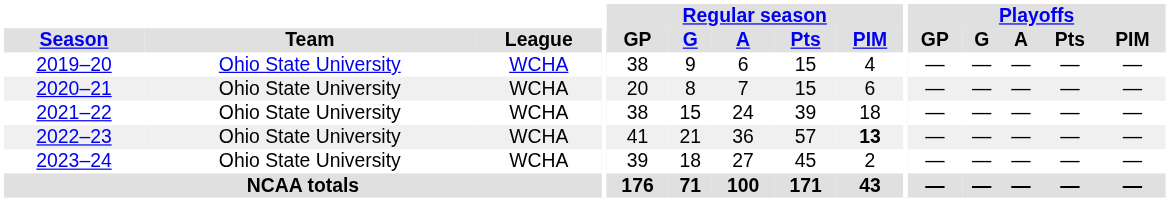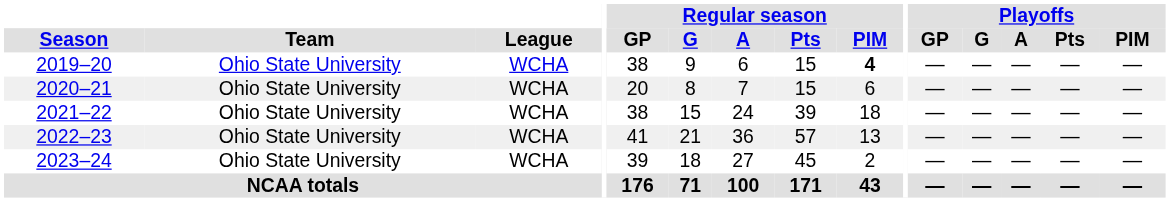 <table border="0" cellpadding="1" cellspacing="0" style="text-align:center; width:60em">
 <tr bgcolor="#e0e0e0">
 <th colspan="3" bgcolor="#ffffff"></th>
 <th rowspan="97" bgcolor="#ffffff"></th>
 <th colspan="5"><a href='#'>Regular season</a></th>
 <th rowspan="97" bgcolor="#ffffff"></th>
 <th colspan="5"><a href='#'>Playoffs</a></th>
 </tr>
 <tr bgcolor="#e0e0e0">
 <th><a href='#'>Season</a></th>
 <th>Team</th>
 <th>League</th>
 <th>GP</th>
 <th><a href='#'>G</a></th>
 <th><a href='#'>A</a></th>
 <th><a href='#'>Pts</a></th>
 <th><a href='#'>PIM</a></th>
 <th>GP</th>
 <th>G</th>
 <th>A</th>
 <th>Pts</th>
 <th>PIM</th>
 </tr>
 <tr>
 <td><a href='#'>2019–20</a></td>
 <td><a href='#'>Ohio State University</a></td>
 <td><a href='#'>WCHA</a></td>
 <td>38</td>
 <td>9</td>
 <td>6</td>
 <td>15</td>
-<td>4</td>
+<td><strong>4</strong></td>
 <td>—</td>
 <td>—</td>
 <td>—</td>
 <td>—</td>
 <td>—</td>
 </tr>
 <tr bgcolor="#f0f0f0">
 <td><a href='#'>2020–21</a></td>
 <td>Ohio State University</td>
 <td>WCHA</td>
 <td>20</td>
 <td>8</td>
 <td>7</td>
 <td>15</td>
 <td>6</td>
 <td>—</td>
 <td>—</td>
 <td>—</td>
 <td>—</td>
 <td>—</td>
 </tr>
 <tr>
 <td><a href='#'>2021–22</a></td>
 <td>Ohio State University</td>
 <td>WCHA</td>
 <td>38</td>
 <td>15</td>
 <td>24</td>
 <td>39</td>
 <td>18</td>
 <td>—</td>
 <td>—</td>
 <td>—</td>
 <td>—</td>
 <td>—</td>
 </tr>
 <tr bgcolor="#f0f0f0">
 <td><a href='#'>2022–23</a></td>
 <td>Ohio State University</td>
 <td>WCHA</td>
 <td>41</td>
 <td>21</td>
 <td>36</td>
 <td>57</td>
-<td><strong>13</strong></td>
+<td>13</td>
 <td>—</td>
 <td>—</td>
 <td>—</td>
 <td>—</td>
 <td>—</td>
 </tr>
 <tr>
 <td><a href='#'>2023–24</a></td>
 <td>Ohio State University</td>
 <td>WCHA</td>
 <td>39</td>
 <td>18</td>
 <td>27</td>
 <td>45</td>
 <td>2</td>
 <td>—</td>
 <td>—</td>
 <td>—</td>
 <td>—</td>
 <td>—</td>
 </tr>
 <tr bgcolor="#e0e0e0">
 <th colspan="3">NCAA totals</th>
 <th>176</th>
 <th>71</th>
 <th>100</th>
 <th>171</th>
 <th>43</th>
 <th>—</th>
 <th>—</th>
 <th>—</th>
 <th>—</th>
 <th>—</th>
 </tr>
 </table>
